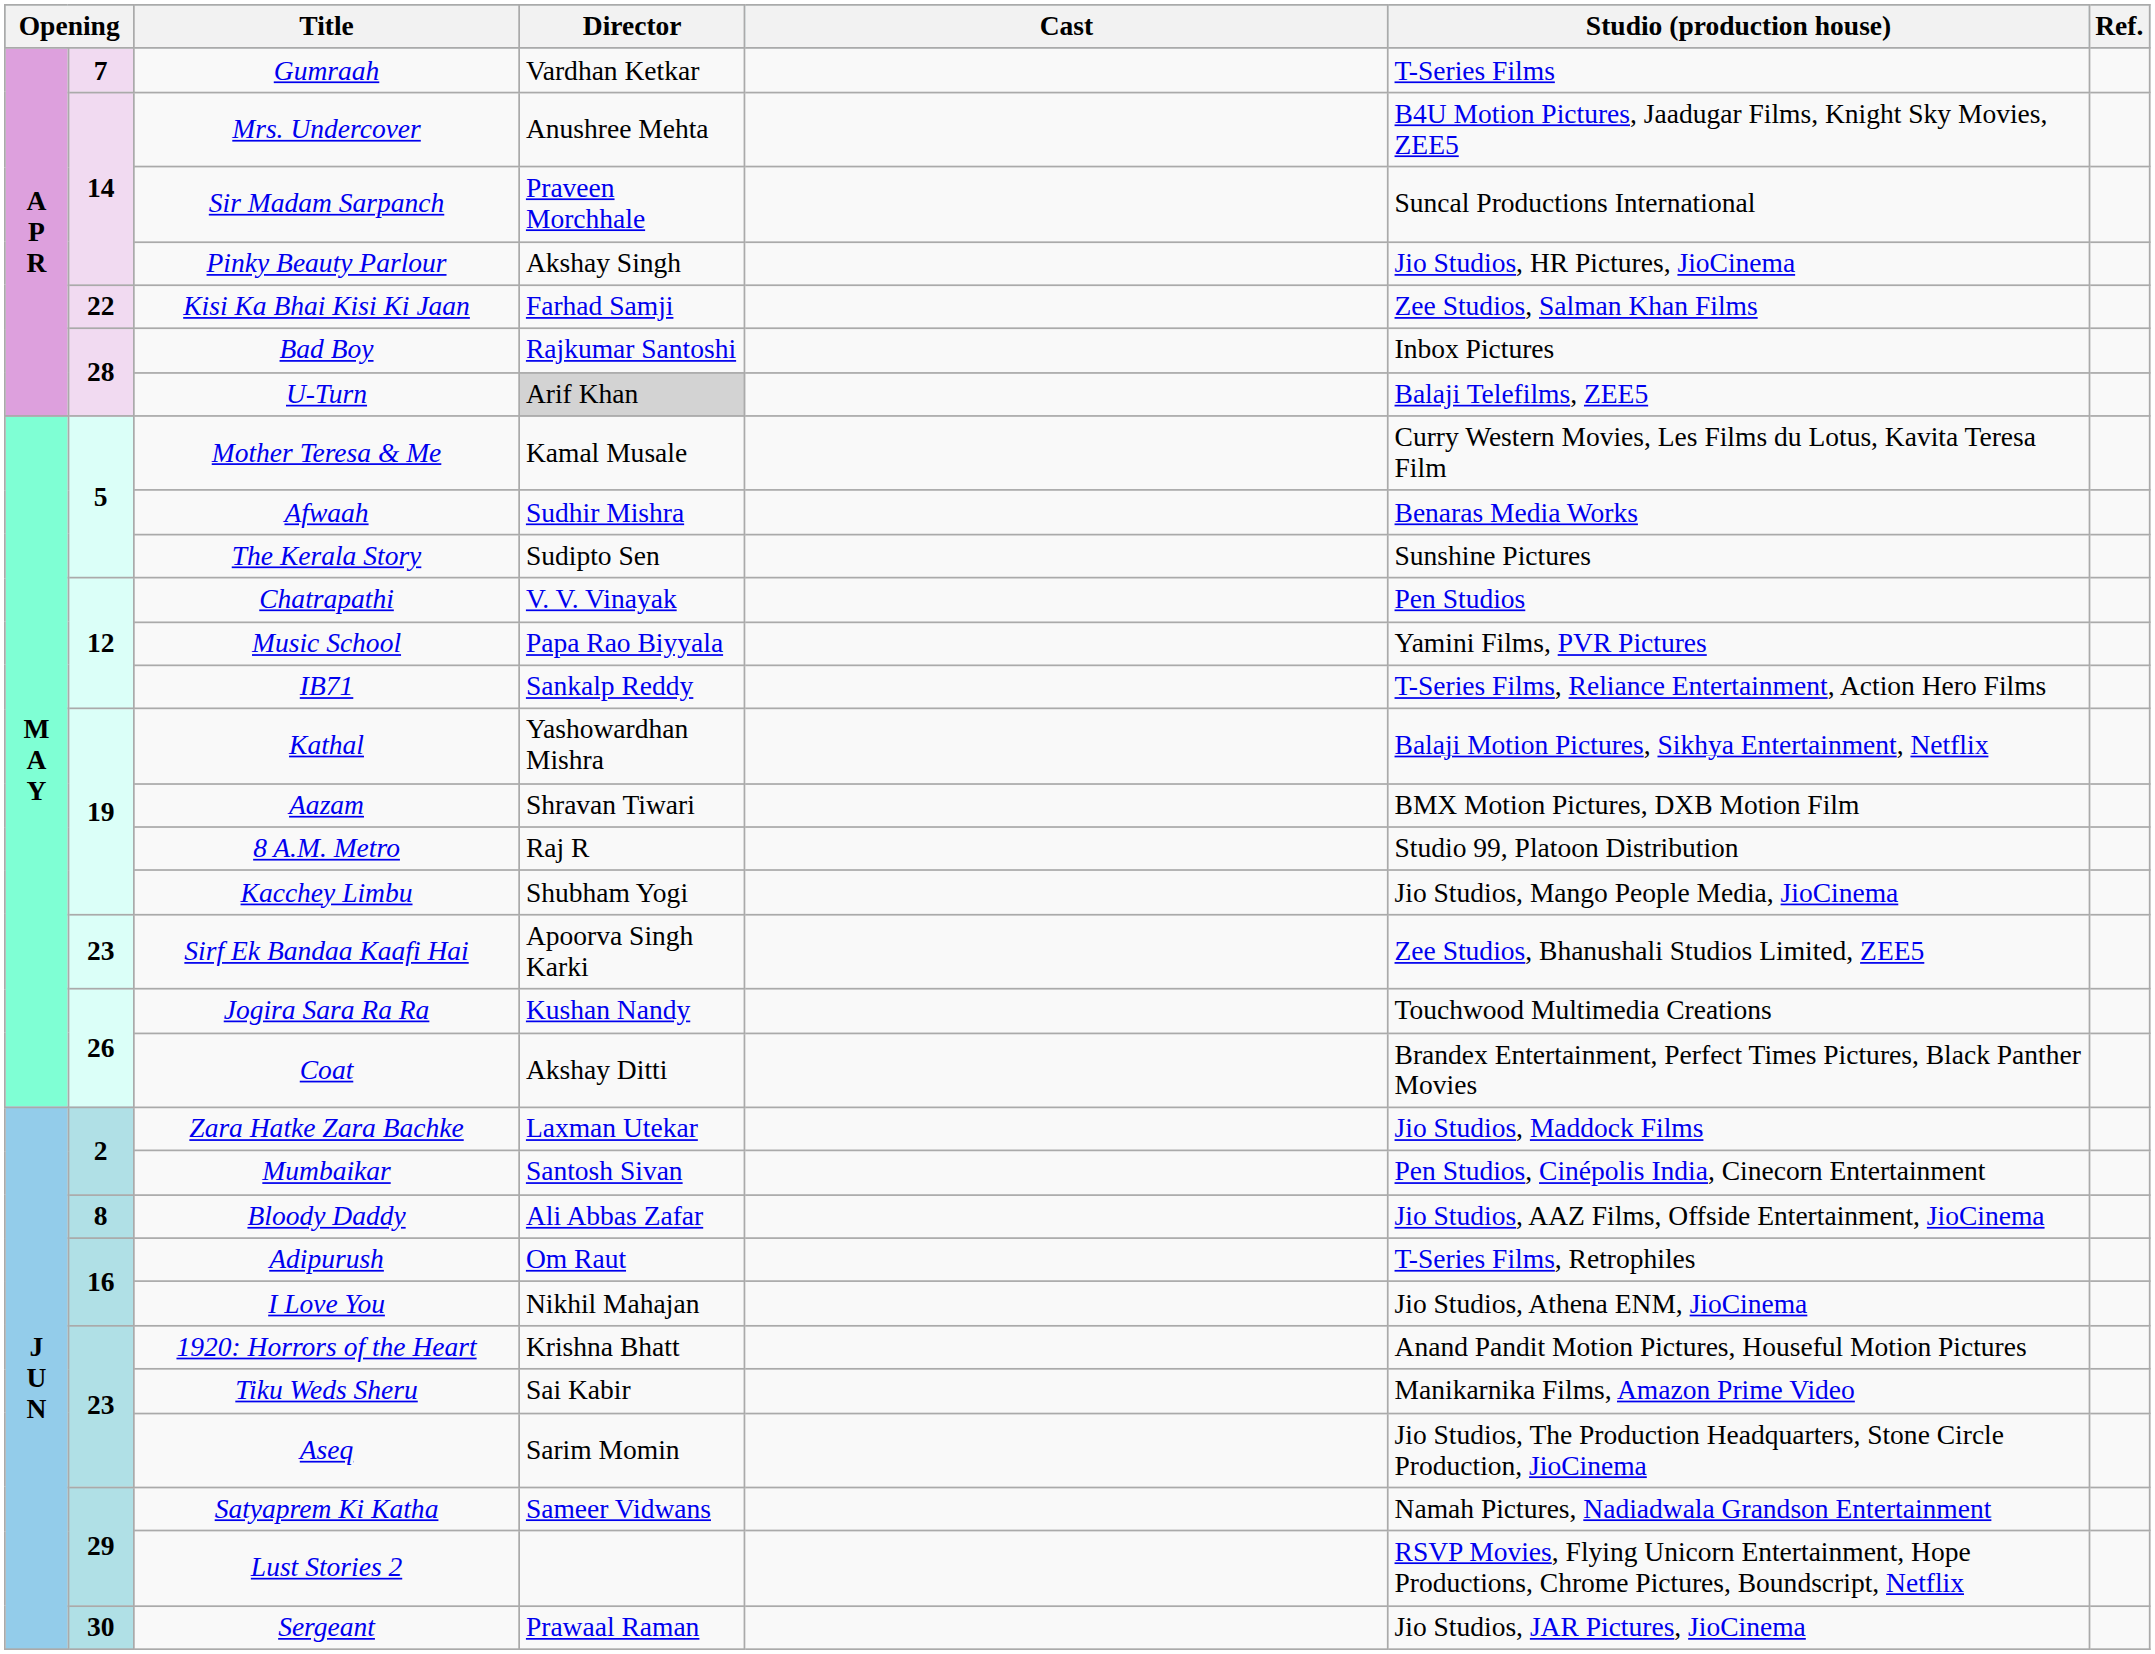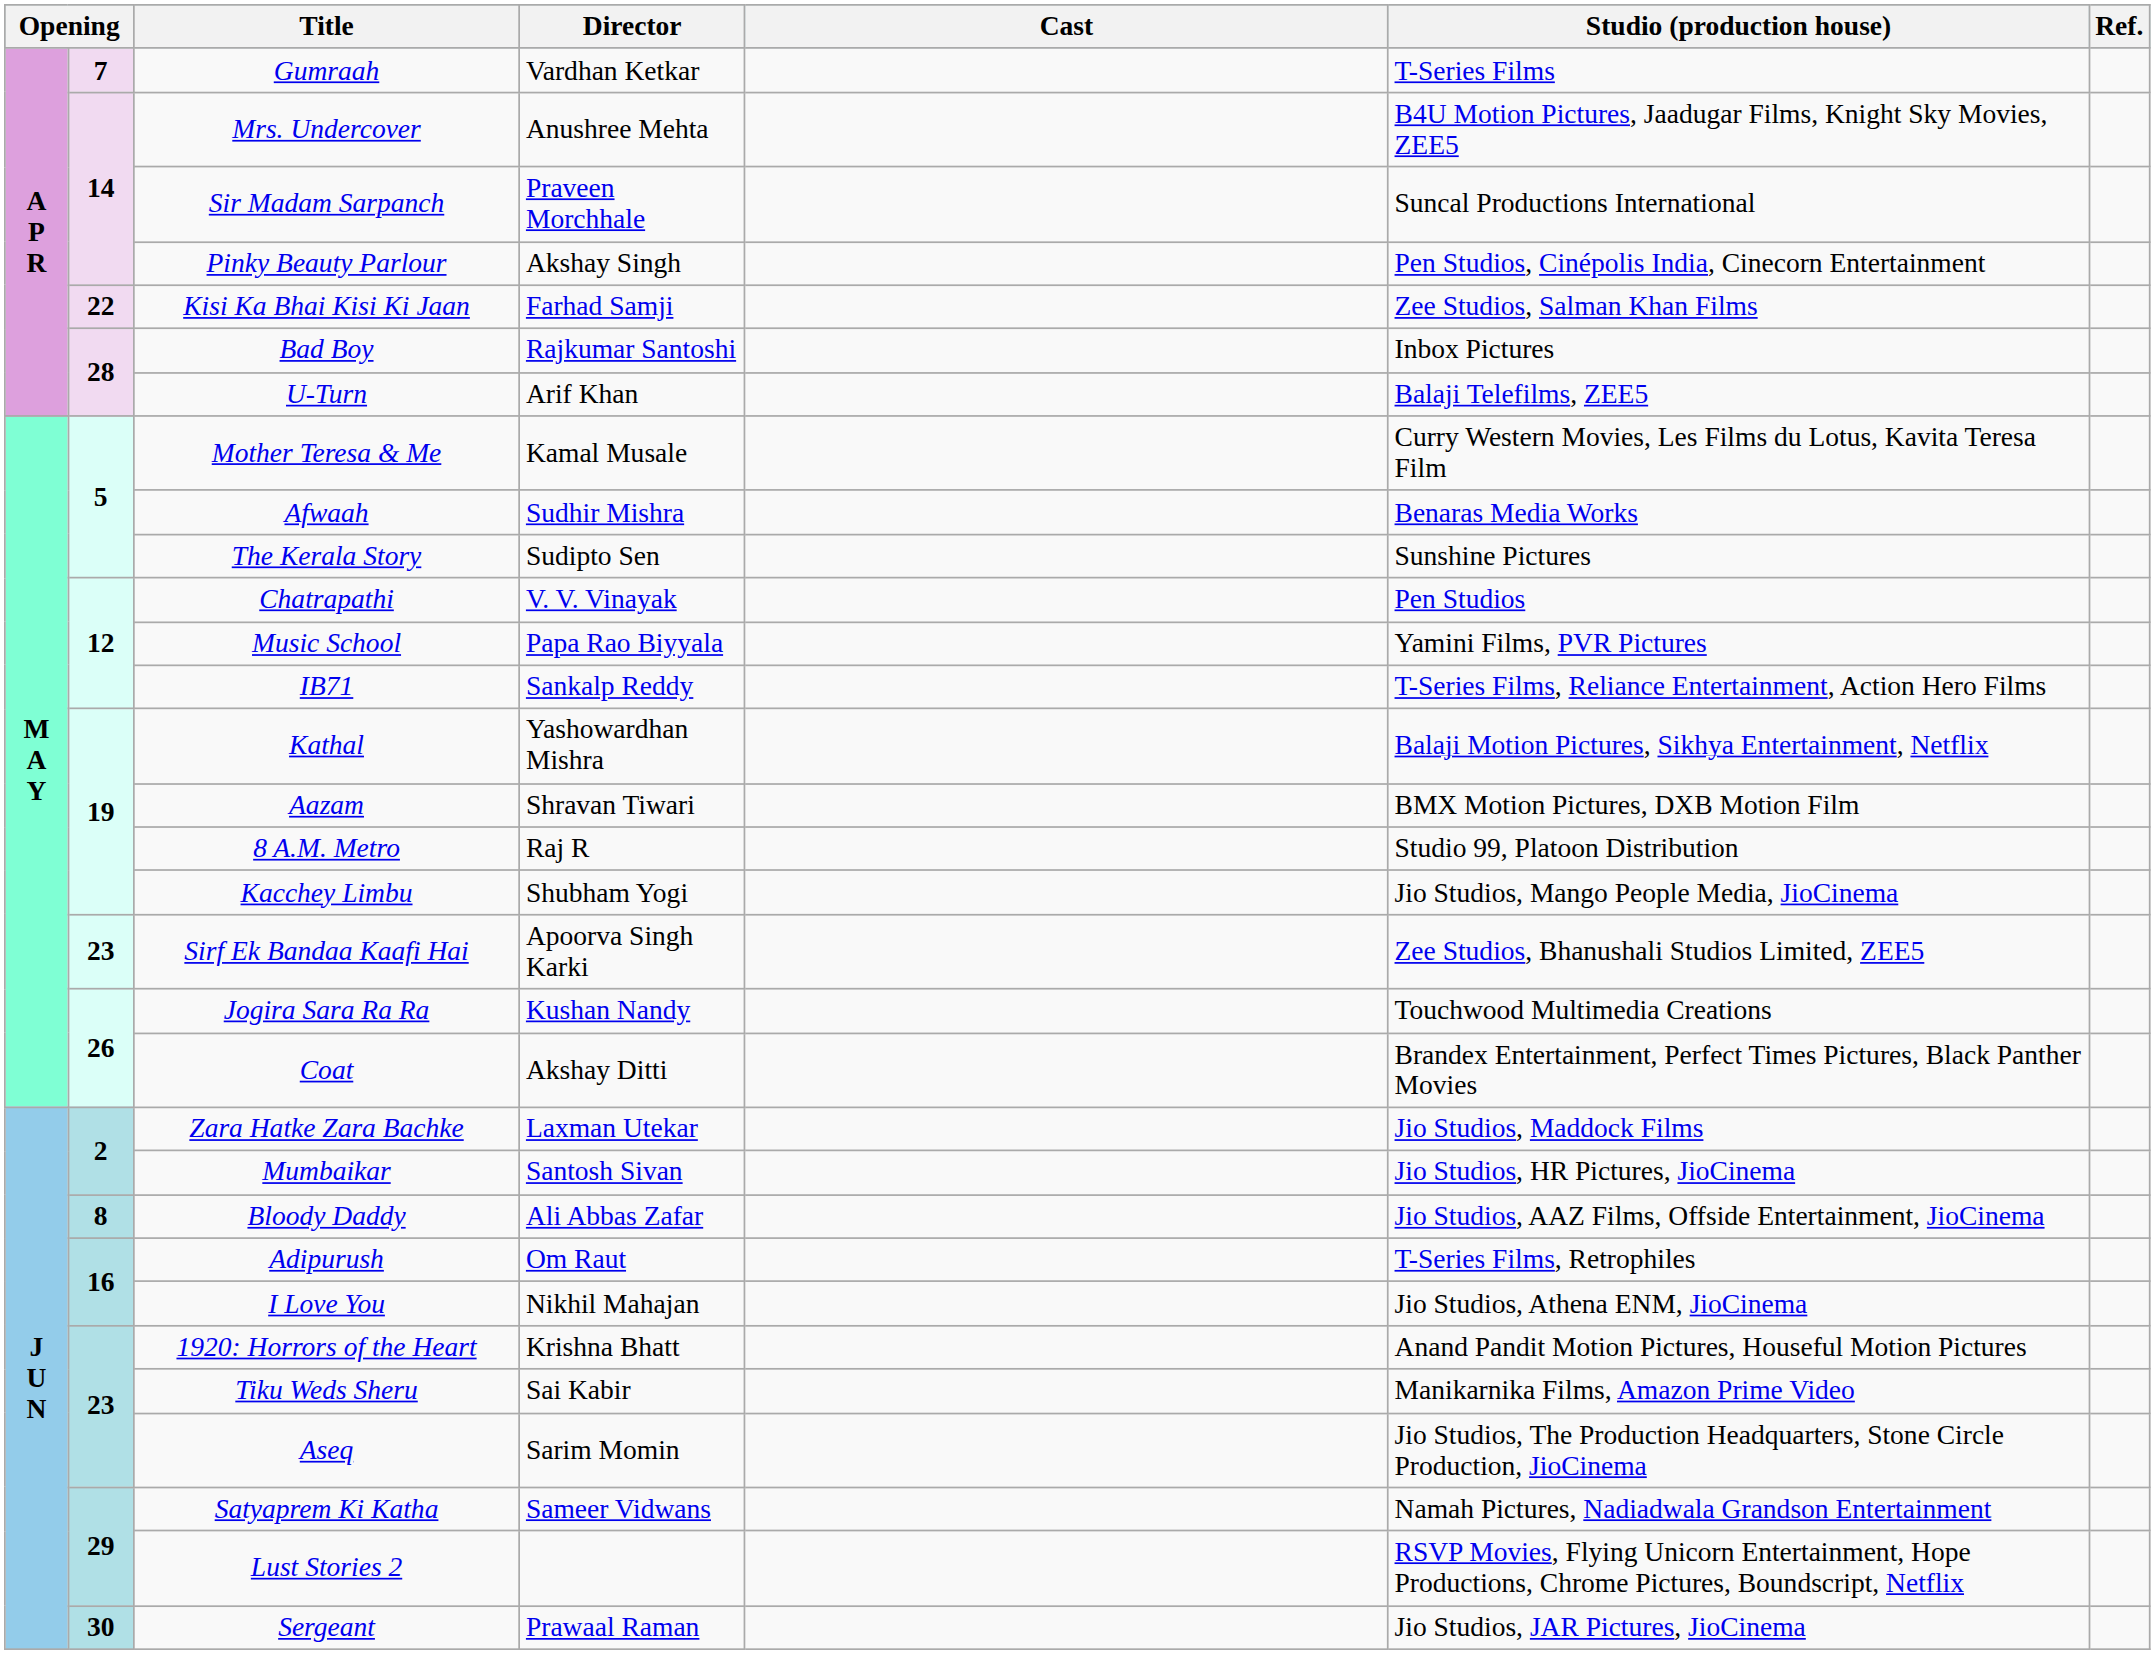 <table class="wikitable">
 <tr style="background:#b0e0e6; text-align:center;">
 <th colspan="2" style="width:6%;"><strong>Opening</strong></th>
 <th style="width:18%;"><strong>Title</strong></th>
 <th style="width:10.5%;"><strong>Director</strong></th>
 <th style="width:30%;"><strong>Cast</strong></th>
 <th>Studio (production house)</th>
 <th>Ref.</th>
 </tr>
 <tr April!>
 <td rowspan="7" style="text-align:center; background:plum;"><strong>A<br>P<br>R</strong></td>
 <td style="text-align:center;background:#f1daf1;"><strong>7</strong></td>
 <td style="text-align:center;"><em><a href='#'>Gumraah</a></em></td>
 <td>Vardhan Ketkar</td>
 <td></td>
 <td><a href='#'>T-Series Films</a></td>
 <td></td>
 </tr>
 <tr>
 <td rowspan="3" style="text-align:center;background:#f1daf1;"><strong>14</strong></td>
 <td style="text-align:center;"><em><a href='#'>Mrs. Undercover</a></em></td>
 <td>Anushree Mehta</td>
 <td></td>
 <td><a href='#'>B4U Motion Pictures</a>, Jaadugar Films, Knight Sky Movies, <a href='#'>ZEE5</a></td>
 <td></td>
 </tr>
 <tr>
 <td style="text-align:center;"><em><a href='#'>Sir Madam Sarpanch</a></em></td>
 <td><a href='#'>Praveen Morchhale</a></td>
 <td></td>
 <td>Suncal Productions International</td>
 <td></td>
 </tr>
 <tr>
 <td style="text-align:center;"><em><a href='#'>Pinky Beauty Parlour</a></em></td>
 <td>Akshay Singh</td>
 <td></td>
-<td><a href='#'>Jio Studios</a>, HR Pictures, <a href='#'>JioCinema</a></td>
+<td><a href='#'>Pen Studios</a>, <a href='#'>Cinépolis India</a>, Cinecorn Entertainment</td>
 <td></td>
 </tr>
 <tr>
 <td style="text-align:center;background:#f1daf1;"><strong>22</strong></td>
 <td style="text-align:center;"><em><a href='#'>Kisi Ka Bhai Kisi Ki Jaan</a></em></td>
 <td><a href='#'>Farhad Samji</a></td>
 <td></td>
 <td><a href='#'>Zee Studios</a>, <a href='#'>Salman Khan Films</a></td>
 <td></td>
 </tr>
 <tr>
 <td rowspan="2" style="text-align:center;background:#f1daf1;"><strong>28</strong></td>
 <td style="text-align:center;"><em><a href='#'>Bad Boy</a></em></td>
 <td><a href='#'>Rajkumar Santoshi</a></td>
 <td></td>
 <td>Inbox Pictures</td>
 <td></td>
 </tr>
 <tr>
 <td style="text-align:center;"><em><a href='#'>U-Turn</a></em></td>
-<td style="background: lightgrey;">Arif Khan</td>
+<td>Arif Khan</td>
 <td></td>
 <td><a href='#'>Balaji Telefilms</a>, <a href='#'>ZEE5</a></td>
 <td></td>
 </tr>
 <tr>
 <td rowspan="13" style="text-align:center; background:#7FFFD4; textcolor:#000;"><strong>M<br>A<br>Y</strong></td>
 <td rowspan="3" style="text-align:center;background:#dbfff8;"><strong>5</strong></td>
 <td style="text-align:center;"><em><a href='#'>Mother Teresa & Me</a></em></td>
 <td>Kamal Musale</td>
 <td></td>
 <td>Curry Western Movies, Les Films du Lotus, Kavita Teresa Film</td>
 <td></td>
 </tr>
 <tr>
 <td style="text-align:center;"><em><a href='#'>Afwaah</a></em></td>
 <td><a href='#'>Sudhir Mishra</a></td>
 <td></td>
 <td><a href='#'>Benaras Media Works</a></td>
 <td></td>
 </tr>
 <tr>
 <td style="text-align:center;"><em><a href='#'>The Kerala Story</a></em></td>
 <td>Sudipto Sen</td>
 <td></td>
 <td>Sunshine Pictures</td>
 <td></td>
 </tr>
 <tr>
 <td rowspan="3" style="text-align:center;background:#dbfff8;"><strong>12</strong></td>
 <td style="text-align:center;"><em><a href='#'>Chatrapathi</a></em></td>
 <td><a href='#'>V. V. Vinayak</a></td>
 <td></td>
 <td><a href='#'>Pen Studios</a></td>
 <td></td>
 </tr>
 <tr>
 <td style="text-align:center;"><em><a href='#'>Music School</a></em></td>
 <td><a href='#'>Papa Rao Biyyala</a></td>
 <td></td>
 <td>Yamini Films, <a href='#'>PVR Pictures</a></td>
 <td></td>
 </tr>
 <tr>
 <td style="text-align:center;"><em><a href='#'>IB71</a></em></td>
 <td><a href='#'>Sankalp Reddy</a></td>
 <td></td>
 <td><a href='#'>T-Series Films</a>, <a href='#'>Reliance Entertainment</a>, Action Hero Films</td>
 <td></td>
 </tr>
 <tr>
 <td rowspan="4" style="text-align:center;background:#dbfff8;"><strong>19</strong></td>
 <td style="text-align:center;"><em><a href='#'>Kathal</a></em></td>
 <td>Yashowardhan Mishra</td>
 <td></td>
 <td><a href='#'>Balaji Motion Pictures</a>, <a href='#'>Sikhya Entertainment</a>, <a href='#'>Netflix</a></td>
 <td></td>
 </tr>
 <tr>
 <td style="text-align:center;"><em><a href='#'>Aazam</a></em></td>
 <td>Shravan Tiwari</td>
 <td></td>
 <td>BMX Motion Pictures, DXB Motion Film</td>
 <td></td>
 </tr>
 <tr>
 <td style="text-align:center;"><em><a href='#'>8 A.M. Metro</a></em></td>
 <td>Raj R</td>
 <td></td>
 <td>Studio 99, Platoon Distribution</td>
 <td></td>
 </tr>
 <tr>
 <td style="text-align:center;"><em><a href='#'>Kacchey Limbu</a></em></td>
 <td>Shubham Yogi</td>
 <td></td>
 <td>Jio Studios, Mango People Media, <a href='#'>JioCinema</a></td>
 <td></td>
 </tr>
 <tr>
 <td style="text-align:center;background:#dbfff8;"><strong>23</strong></td>
 <td style="text-align:center;"><em><a href='#'>Sirf Ek Bandaa Kaafi Hai</a></em></td>
 <td>Apoorva Singh Karki</td>
 <td></td>
 <td><a href='#'>Zee Studios</a>, Bhanushali Studios Limited, <a href='#'>ZEE5</a></td>
 <td></td>
 </tr>
 <tr>
 <td rowspan="2" style="text-align:center;background:#dbfff8;"><strong>26</strong></td>
 <td style="text-align:center;"><em><a href='#'>Jogira Sara Ra Ra</a></em></td>
 <td><a href='#'>Kushan Nandy</a></td>
 <td></td>
 <td>Touchwood Multimedia Creations</td>
 <td></td>
 </tr>
 <tr>
 <td style="text-align:center;"><em><a href='#'>Coat</a></em></td>
 <td>Akshay Ditti</td>
 <td></td>
 <td>Brandex Entertainment, Perfect Times Pictures, Black Panther Movies</td>
 <td></td>
 </tr>
 <tr>
 <td rowspan="11" style="text-align:center; background:#93CCEA; textcolor:#000;"><strong>J<br>U<br>N</strong></td>
 <td rowspan="2" style="text-align:center;background:#B0E0E6;"><strong>2</strong></td>
 <td style="text-align:center;"><em><a href='#'>Zara Hatke Zara Bachke</a></em></td>
 <td><a href='#'>Laxman Utekar</a></td>
 <td></td>
 <td><a href='#'>Jio Studios</a>, <a href='#'>Maddock Films</a></td>
 <td></td>
 </tr>
 <tr>
 <td style="text-align:center;"><em><a href='#'>Mumbaikar</a></em></td>
 <td><a href='#'>Santosh Sivan</a></td>
 <td></td>
-<td><a href='#'>Pen Studios</a>, <a href='#'>Cinépolis India</a>, Cinecorn Entertainment</td>
+<td><a href='#'>Jio Studios</a>, HR Pictures, <a href='#'>JioCinema</a></td>
 <td></td>
 </tr>
 <tr>
 <td style="text-align:center;background:#B0E0E6;"><strong>8</strong></td>
 <td style="text-align:center;"><em><a href='#'>Bloody Daddy</a></em></td>
 <td><a href='#'>Ali Abbas Zafar</a></td>
 <td></td>
 <td><a href='#'>Jio Studios</a>, AAZ Films, Offside Entertainment, <a href='#'>JioCinema</a></td>
 <td></td>
 </tr>
 <tr>
 <td rowspan="2" style="text-align:center;background:#B0E0E6;"><strong>16</strong></td>
 <td style="text-align:center;"><em><a href='#'>Adipurush</a></em></td>
 <td><a href='#'>Om Raut</a></td>
 <td></td>
 <td><a href='#'>T-Series Films</a>, Retrophiles</td>
 <td></td>
 </tr>
 <tr>
 <td style="text-align:center;"><em><a href='#'>I Love You</a></em></td>
 <td>Nikhil Mahajan</td>
 <td></td>
 <td>Jio Studios, Athena ENM, <a href='#'>JioCinema</a></td>
 <td></td>
 </tr>
 <tr>
 <td rowspan="3" style="text-align:center;background:#B0E0E6;"><strong>23</strong></td>
 <td style="text-align:center;"><em><a href='#'>1920: Horrors of the Heart</a></em></td>
 <td>Krishna Bhatt</td>
 <td></td>
 <td>Anand Pandit Motion Pictures, Houseful Motion Pictures</td>
 <td></td>
 </tr>
 <tr>
 <td style="text-align:center;"><em><a href='#'>Tiku Weds Sheru</a></em></td>
 <td>Sai Kabir</td>
 <td></td>
 <td>Manikarnika Films, <a href='#'>Amazon Prime Video</a></td>
 <td></td>
 </tr>
 <tr>
 <td style="text-align:center;"><em><a href='#'>Aseq</a></em></td>
 <td>Sarim Momin</td>
 <td></td>
 <td>Jio Studios, The Production Headquarters, Stone Circle Production, <a href='#'>JioCinema</a></td>
 <td></td>
 </tr>
 <tr>
 <td rowspan="2" style="text-align:center;background:#B0E0E6;"><strong>29</strong></td>
 <td style="text-align:center;"><em><a href='#'>Satyaprem Ki Katha</a></em></td>
 <td><a href='#'>Sameer Vidwans</a></td>
 <td></td>
 <td>Namah Pictures, <a href='#'>Nadiadwala Grandson Entertainment</a></td>
 <td></td>
 </tr>
 <tr>
 <td style="text-align:center;"><em><a href='#'>Lust Stories 2</a></em></td>
 <td></td>
 <td></td>
 <td><a href='#'>RSVP Movies</a>, Flying Unicorn Entertainment, Hope Productions, Chrome Pictures, Boundscript, <a href='#'>Netflix</a></td>
 <td></td>
 </tr>
 <tr>
 <td style="text-align:center;background:#B0E0E6;"><strong>30</strong></td>
 <td style="text-align:center;"><em><a href='#'>Sergeant</a></em></td>
 <td><a href='#'>Prawaal Raman</a></td>
 <td></td>
 <td>Jio Studios, <a href='#'>JAR Pictures</a>, <a href='#'>JioCinema</a></td>
 <td></td>
 </tr>
 </table>
